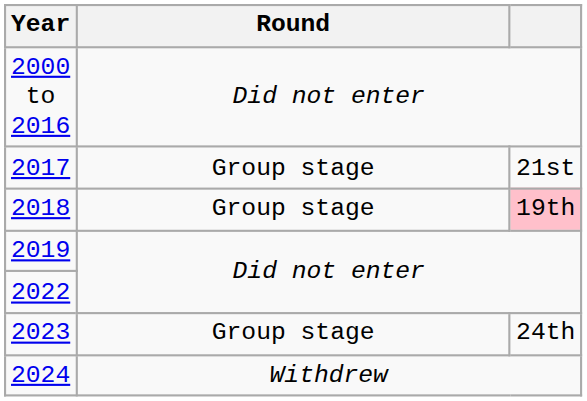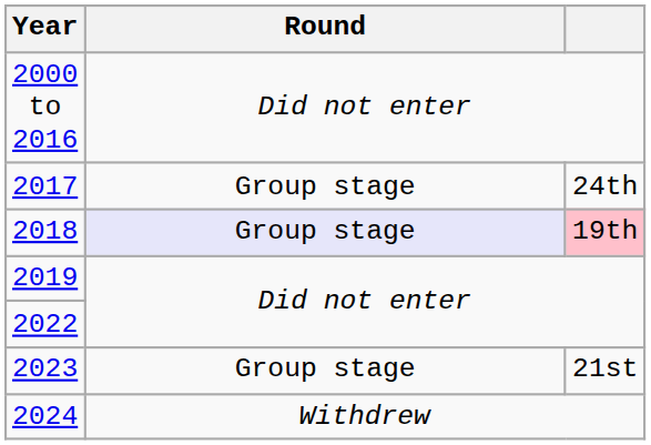 <table class="wikitable" style="text-align: center; font-size:90%">
 <tr>
 <th>Year</th>
 <th style="width:200px">Round</th>
 <th></th>
 </tr>
 <tr>
 <td><a href='#'>2000</a><br>to<br><a href='#'>2016</a></td>
 <td colspan="2"><em>Did not enter</em></td>
 </tr>
 <tr>
 <td><a href='#'>2017</a></td>
 <td>Group stage</td>
-<td>21st</td>
+<td>24th</td>
 </tr>
 <tr>
 <td><a href='#'>2018</a></td>
-<td>Group stage</td>
+<td style="background: lavender;">Group stage</td>
 <td style="background: pink;">19th</td>
 </tr>
 <tr>
 <td><a href='#'>2019</a></td>
 <td colspan="2" rowspan="2"><em>Did not enter</em></td>
 </tr>
 <tr>
 <td><a href='#'>2022</a></td>
 </tr>
 <tr>
 <td><a href='#'>2023</a></td>
 <td>Group stage</td>
-<td>24th</td>
+<td>21st</td>
 </tr>
 <tr>
 <td><a href='#'>2024</a></td>
 <td colspan="2"><em>Withdrew</em></td>
 </tr>
 </table>
